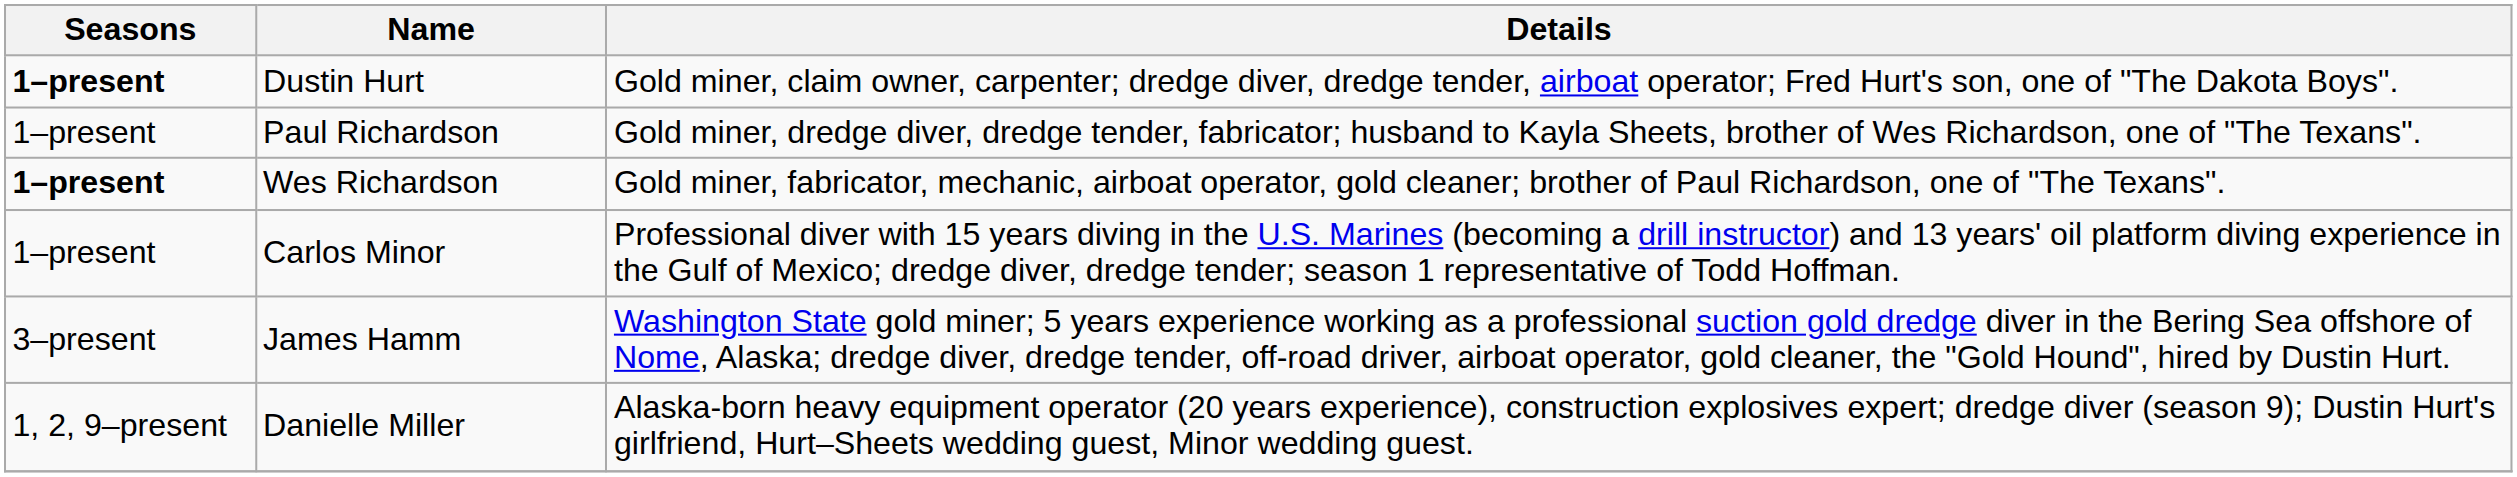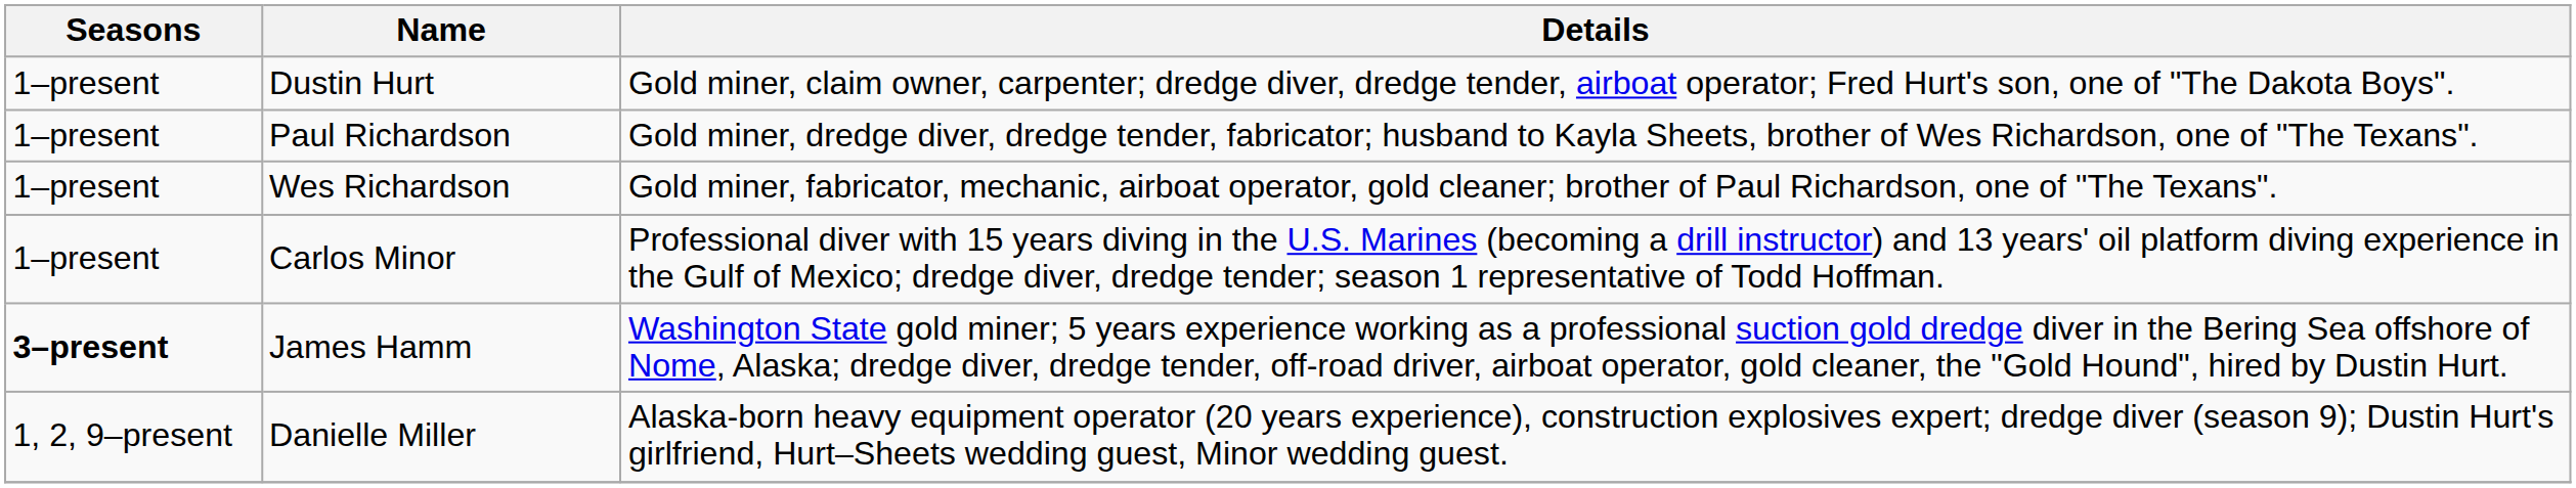 <table class=wikitable>
 <tr>
 <th style="width:10%;">Seasons</th>
 <th style="width:14%;">Name</th>
 <th colspan="12" style="width:76%;">Details</th>
 </tr>
 <tr>
-<td><strong>1–present</strong></td>
+<td>1–present</td>
 <td>Dustin Hurt</td>
 <td>Gold miner, claim owner, carpenter; dredge diver, dredge tender, <a href='#'>airboat</a> operator; Fred Hurt's son, one of "The Dakota Boys".</td>
 </tr>
 <tr>
 <td>1–present</td>
 <td>Paul Richardson</td>
 <td>Gold miner, dredge diver, dredge tender, fabricator; husband to Kayla Sheets, brother of Wes Richardson, one of "The Texans".</td>
 </tr>
 <tr>
-<td><strong>1–present</strong></td>
+<td>1–present</td>
 <td>Wes Richardson</td>
 <td>Gold miner, fabricator, mechanic, airboat operator, gold cleaner; brother of Paul Richardson, one of "The Texans".</td>
 </tr>
 <tr>
 <td>1–present</td>
 <td>Carlos Minor</td>
 <td>Professional diver with 15 years diving in the <a href='#'>U.S. Marines</a> (becoming a <a href='#'>drill instructor</a>) and 13 years' oil platform diving experience in the Gulf of Mexico; dredge diver, dredge tender; season 1 representative of Todd Hoffman.</td>
 </tr>
 <tr>
-<td>3–present</td>
+<td><strong>3–present</strong></td>
 <td>James Hamm</td>
 <td><a href='#'>Washington State</a> gold miner; 5 years experience working as a professional <a href='#'>suction gold dredge</a> diver in the Bering Sea offshore of <a href='#'>Nome</a>, Alaska; dredge diver, dredge tender, off-road driver, airboat operator, gold cleaner, the "Gold Hound", hired by Dustin Hurt.</td>
 </tr>
 <tr>
 <td>1, 2, 9–present</td>
 <td>Danielle Miller</td>
 <td>Alaska-born heavy equipment operator (20 years experience), construction explosives expert; dredge diver (season 9); Dustin Hurt's girlfriend, Hurt–Sheets wedding guest, Minor wedding guest.</td>
 </tr>
 <tr>
 </tr>
 </table>
